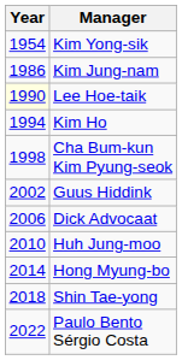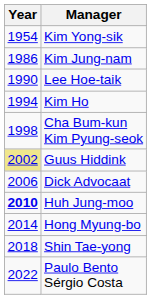 <table class="wikitable">
 <tr>
 <th>Year</th>
 <th>Manager</th>
 </tr>
 <tr>
 <td align=center><a href='#'>1954</a></td>
 <td> <a href='#'>Kim Yong-sik</a></td>
 </tr>
 <tr>
 <td align=center><a href='#'>1986</a></td>
 <td> <a href='#'>Kim Jung-nam</a></td>
 </tr>
 <tr>
-<td align=center style="background: lightyellow;"><a href='#'>1990</a></td>
+<td align=center><a href='#'>1990</a></td>
 <td> <a href='#'>Lee Hoe-taik</a></td>
 </tr>
 <tr>
 <td align=center><a href='#'>1994</a></td>
 <td> <a href='#'>Kim Ho</a></td>
 </tr>
 <tr>
 <td align=center><a href='#'>1998</a></td>
 <td> <a href='#'>Cha Bum-kun</a> <br>  <a href='#'>Kim Pyung-seok</a></td>
 </tr>
 <tr>
-<td align=center><a href='#'>2002</a></td>
+<td align=center style="background: khaki;"><a href='#'>2002</a></td>
 <td> <a href='#'>Guus Hiddink</a></td>
 </tr>
 <tr>
 <td align=center><a href='#'>2006</a></td>
 <td> <a href='#'>Dick Advocaat</a></td>
 </tr>
 <tr>
-<td align=center><a href='#'>2010</a></td>
+<td align=center><strong><a href='#'>2010</a></strong></td>
 <td> <a href='#'>Huh Jung-moo</a></td>
 </tr>
 <tr>
 <td align=center><a href='#'>2014</a></td>
 <td> <a href='#'>Hong Myung-bo</a></td>
 </tr>
 <tr>
 <td align=center><a href='#'>2018</a></td>
 <td> <a href='#'>Shin Tae-yong</a></td>
 </tr>
 <tr>
 <td align=center><a href='#'>2022</a></td>
 <td> <a href='#'>Paulo Bento</a> <br>  Sérgio Costa</td>
 </tr>
 </table>
